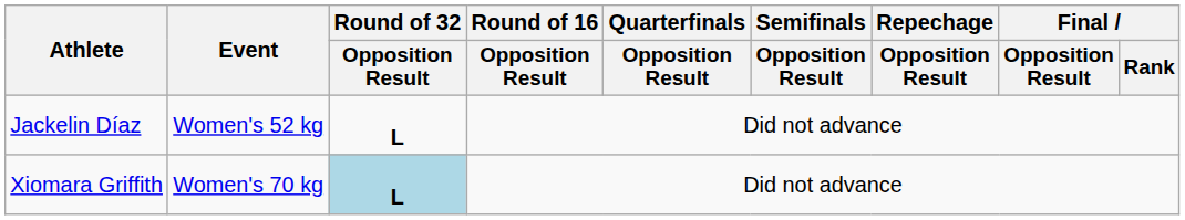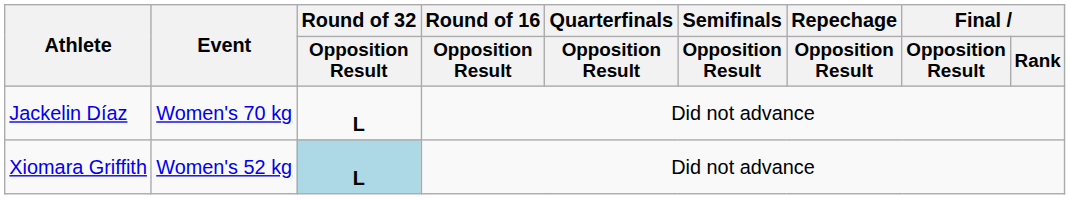 <table class="wikitable" style="font-size:90%">
 <tr>
 <th rowspan="2">Athlete</th>
 <th rowspan="2">Event</th>
 <th>Round of 32</th>
 <th>Round of 16</th>
 <th>Quarterfinals</th>
 <th>Semifinals</th>
 <th>Repechage</th>
 <th colspan=2>Final / </th>
 </tr>
 <tr style="font-size:95%">
 <th>Opposition<br>Result</th>
 <th>Opposition<br>Result</th>
 <th>Opposition<br>Result</th>
 <th>Opposition<br>Result</th>
 <th>Opposition<br>Result</th>
 <th>Opposition<br>Result</th>
 <th>Rank</th>
 </tr>
 <tr align=center>
 <td align=left><a href='#'>Jackelin Díaz</a></td>
-<td align=left><a href='#'>Women's 52 kg</a></td>
+<td align=left><a href='#'>Women's 70 kg</a></td>
 <td><br><strong>L</strong></td>
 <td colspan=6>Did not advance</td>
 </tr>
 <tr align=center>
 <td align=left><a href='#'>Xiomara Griffith</a></td>
-<td align=left><a href='#'>Women's 70 kg</a></td>
+<td align=left><a href='#'>Women's 52 kg</a></td>
 <td style="background: lightblue;"><br><strong>L</strong></td>
 <td colspan=6>Did not advance</td>
 </tr>
 </table>
